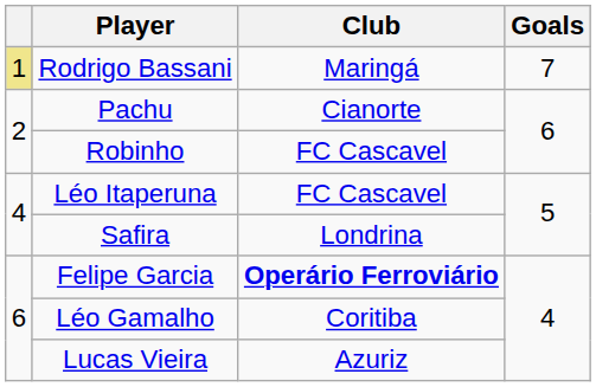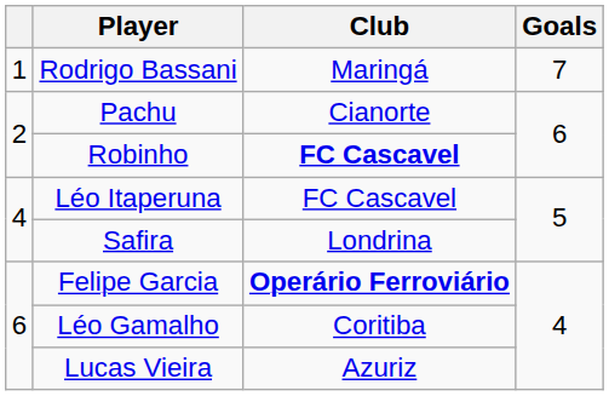 <table class="wikitable" style="text-align:center">
 <tr>
 <th scope=col></th>
 <th scope=col>Player</th>
 <th scope=col>Club</th>
 <th scope=col>Goals</th>
 </tr>
 <tr>
-<td style="background: khaki;">1</td>
+<td>1</td>
 <td><a href='#'>Rodrigo Bassani</a></td>
 <td><a href='#'>Maringá</a></td>
 <td>7</td>
 </tr>
 <tr>
 <td rowspan=2>2</td>
 <td><a href='#'>Pachu</a></td>
 <td><a href='#'>Cianorte</a></td>
 <td rowspan=2>6</td>
 </tr>
 <tr>
 <td><a href='#'>Robinho</a></td>
-<td><a href='#'>FC Cascavel</a></td>
+<td><strong><a href='#'>FC Cascavel</a></strong></td>
 </tr>
 <tr>
 <td rowspan=2>4</td>
 <td><a href='#'>Léo Itaperuna</a></td>
 <td><a href='#'>FC Cascavel</a></td>
 <td rowspan=2>5</td>
 </tr>
 <tr>
 <td><a href='#'>Safira</a></td>
 <td><a href='#'>Londrina</a></td>
 </tr>
 <tr>
 <td rowspan=3>6</td>
 <td><a href='#'>Felipe Garcia</a></td>
 <td><strong><a href='#'>Operário Ferroviário</a></strong></td>
 <td rowspan=3>4</td>
 </tr>
 <tr>
 <td><a href='#'>Léo Gamalho</a></td>
 <td><a href='#'>Coritiba</a></td>
 </tr>
 <tr>
 <td><a href='#'>Lucas Vieira</a></td>
 <td><a href='#'>Azuriz</a></td>
 </tr>
 </table>
